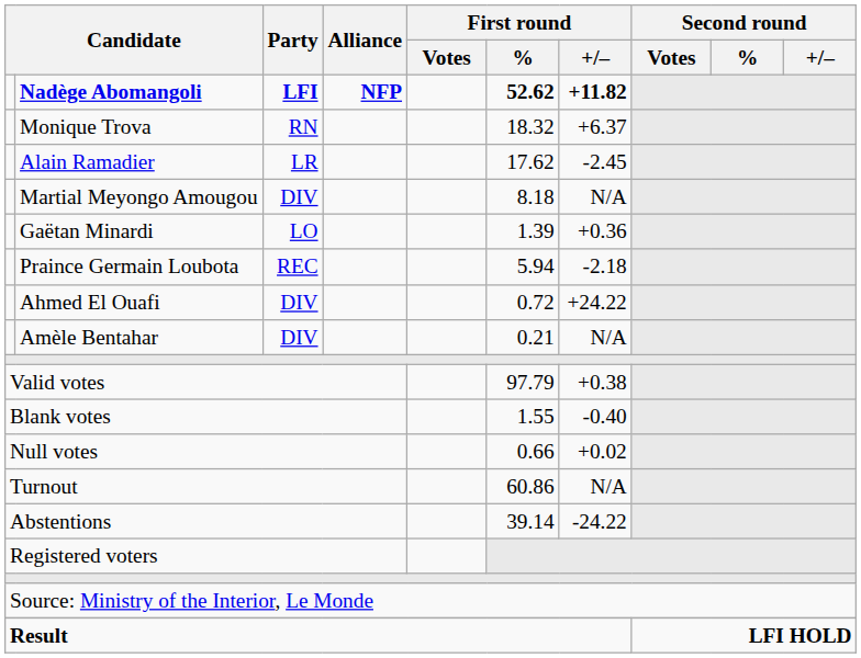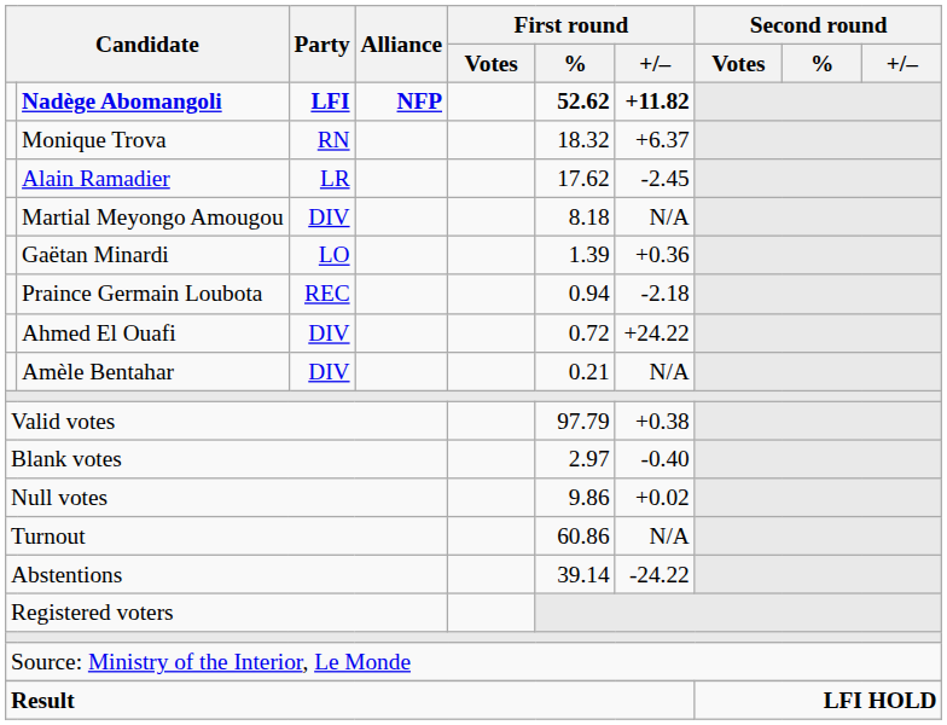 <table class="wikitable" style="text-align:right;font-size:95%;">
 <tr>
 <th rowspan="2" colspan="2">Candidate</th>
 <th rowspan="2">Party</th>
 <th rowspan="2">Alliance</th>
 <th colspan="3">First round</th>
 <th colspan="3">Second round</th>
 </tr>
 <tr>
 <th style="width:50px;">Votes</th>
 <th style="width:45px;">%</th>
 <th style="width:45px;">+/–</th>
 <th style="width:50px;">Votes</th>
 <th style="width:45px;">%</th>
 <th style="width:45px;">+/–</th>
 </tr>
 <tr>
 <td style="color:inherit;background:"></td>
 <td style="text-align:left;"><strong><a href='#'>Nadège Abomangoli</a></strong></td>
 <td><a href='#'><strong>LFI</strong></a></td>
 <td><a href='#'><strong>NFP</strong></a></td>
 <td><strong></strong></td>
 <td><strong>52.62</strong></td>
 <td><strong>+11.82</strong></td>
 <td colspan="3" style="background:#E9E9E9;"></td>
 </tr>
 <tr>
 <td style="color:inherit;background:"></td>
 <td style="text-align:left;">Monique Trova</td>
 <td><a href='#'>RN</a></td>
 <td></td>
 <td></td>
 <td>18.32</td>
 <td>+6.37</td>
 <td colspan="3" style="background:#E9E9E9;"></td>
 </tr>
 <tr>
 <td style="color:inherit;background:"></td>
 <td style="text-align:left;"><a href='#'>Alain Ramadier</a></td>
 <td><a href='#'>LR</a></td>
 <td></td>
 <td></td>
 <td>17.62</td>
 <td>-2.45</td>
 <td colspan="3" style="background:#E9E9E9;"></td>
 </tr>
 <tr>
 <td style="color:inherit;background:"></td>
 <td style="text-align:left;">Martial Meyongo Amougou</td>
 <td><a href='#'>DIV</a></td>
 <td></td>
 <td></td>
 <td>8.18</td>
 <td>N/A</td>
 <td colspan="3" style="background:#E9E9E9;"></td>
 </tr>
 <tr>
 <td style="color:inherit;background:"></td>
 <td style="text-align:left;">Gaëtan Minardi</td>
 <td><a href='#'>LO</a></td>
 <td></td>
 <td></td>
 <td>1.39</td>
 <td>+0.36</td>
 <td colspan="3" style="background:#E9E9E9;"></td>
 </tr>
 <tr>
 <td style="color:inherit;background:"></td>
 <td style="text-align:left;">Praince Germain Loubota</td>
 <td><a href='#'>REC</a></td>
 <td></td>
 <td></td>
-<td>5.94</td>
+<td>0.94</td>
 <td>-2.18</td>
 <td colspan="3" style="background:#E9E9E9;"></td>
 </tr>
 <tr>
 <td style="color:inherit;background:"></td>
 <td style="text-align:left;">Ahmed El Ouafi</td>
 <td><a href='#'>DIV</a></td>
 <td></td>
 <td></td>
 <td>0.72</td>
 <td>+24.22</td>
 <td colspan="3" style="background:#E9E9E9;"></td>
 </tr>
 <tr>
 <td style="color:inherit;background:"></td>
 <td style="text-align:left;">Amèle Bentahar</td>
 <td><a href='#'>DIV</a></td>
 <td></td>
 <td></td>
 <td>0.21</td>
 <td>N/A</td>
 <td colspan="3" style="background:#E9E9E9;"></td>
 </tr>
 <tr>
 <td colspan="10" style="background:#E9E9E9;"></td>
 </tr>
 <tr>
 <td colspan="4" style="text-align:left;">Valid votes</td>
 <td></td>
 <td>97.79</td>
 <td>+0.38</td>
 <td colspan="3" style="background:#E9E9E9;"></td>
 </tr>
 <tr>
 <td colspan="4" style="text-align:left;">Blank votes</td>
 <td></td>
-<td>1.55</td>
+<td>2.97</td>
 <td>-0.40</td>
 <td colspan="3" style="background:#E9E9E9;"></td>
 </tr>
 <tr>
 <td colspan="4" style="text-align:left;">Null votes</td>
 <td></td>
-<td>0.66</td>
+<td>9.86</td>
 <td>+0.02</td>
 <td colspan="3" style="background:#E9E9E9;"></td>
 </tr>
 <tr>
 <td colspan="4" style="text-align:left;">Turnout</td>
 <td></td>
 <td>60.86</td>
 <td>N/A</td>
 <td colspan="3" style="background:#E9E9E9;"></td>
 </tr>
 <tr>
 <td colspan="4" style="text-align:left;">Abstentions</td>
 <td></td>
 <td>39.14</td>
 <td>-24.22</td>
 <td colspan="3" style="background:#E9E9E9;"></td>
 </tr>
 <tr>
 <td colspan="4" style="text-align:left;">Registered voters</td>
 <td></td>
 <td colspan="5" style="background:#E9E9E9;"></td>
 </tr>
 <tr>
 <td colspan="10" style="background:#E9E9E9;"></td>
 </tr>
 <tr>
 <td colspan="10" style="text-align:left;">Source: <a href='#'>Ministry of the Interior</a>, <a href='#'>Le Monde</a></td>
 </tr>
 <tr>
 </tr>
 <tr style="font-weight:bold">
 <td colspan="7" style="text-align:left;">Result</td>
 <td colspan="7" style="background-color:">LFI HOLD</td>
 </tr>
 </table>
